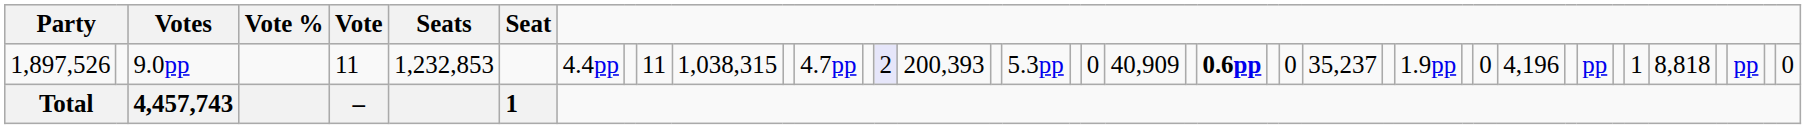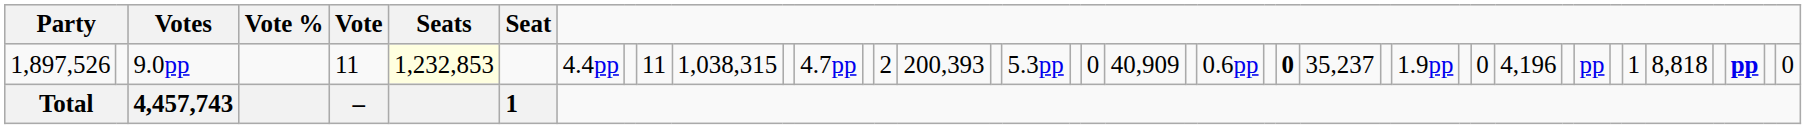 <table class=wikitable style="text-align:right;">
 <tr>
 <th colspan=2>Party</th>
 <th>Votes</th>
 <th>Vote %</th>
 <th>Vote </th>
 <th>Seats</th>
 <th>Seat </th>
 </tr>
 <tr>
 <td>1,897,526</td>
 <td style="text-align:center;"></td>
 <td style="text-align:left;"> 9.0<a href='#'>pp</a></td>
 <td style="text-align:center;"></td>
 <td style="text-align:left;"> 11<br></td>
-<td>1,232,853</td>
+<td style="background: lightyellow;">1,232,853</td>
 <td style="text-align:center;"></td>
 <td style="text-align:left;"> 4.4<a href='#'>pp</a></td>
 <td style="text-align:center;"></td>
 <td style="text-align:left;"> 11<br></td>
 <td>1,038,315</td>
 <td style="text-align:center;"></td>
 <td style="text-align:left;"> 4.7<a href='#'>pp</a></td>
 <td style="text-align:center;"></td>
-<td style="background: lavender; text-align:left;"> 2<br></td>
+<td style="text-align:left;"> 2<br></td>
 <td>200,393</td>
 <td style="text-align:center;"></td>
 <td style="text-align:left;"> 5.3<a href='#'>pp</a></td>
 <td style="text-align:center;"></td>
 <td style="text-align:left;"> 0<br></td>
 <td>40,909</td>
 <td style="text-align:center;"></td>
-<td style="text-align:left;"><strong> 0.6<a href='#'>pp</a></strong></td>
+<td style="text-align:left;"> 0.6<a href='#'>pp</a></td>
 <td style="text-align:center;"></td>
-<td style="text-align:left;"> 0<br></td>
+<td style="text-align:left;"><strong> 0<br></strong></td>
 <td>35,237</td>
 <td style="text-align:center;"></td>
 <td style="text-align:left;"> 1.9<a href='#'>pp</a></td>
 <td style="text-align:center;"></td>
 <td style="text-align:left;"> 0<br></td>
 <td>4,196</td>
 <td style="text-align:center;"></td>
 <td style="text-align:left;"><a href='#'>pp</a></td>
 <td style="text-align:center;"></td>
 <td style="text-align:left;"> 1<br></td>
 <td>8,818</td>
 <td style="text-align:center;"></td>
-<td style="text-align:left;"><a href='#'>pp</a></td>
+<td style="text-align:left;"><strong><a href='#'>pp</a></strong></td>
 <td style="text-align:center;"></td>
 <td style="text-align:left;"> 0</td>
 </tr>
 <tr>
 <th colspan="2">Total</th>
 <th>4,457,743</th>
 <th></th>
 <th>–</th>
 <th></th>
 <th style="text-align:left;"> 1 </th>
 </tr>
 </table>
